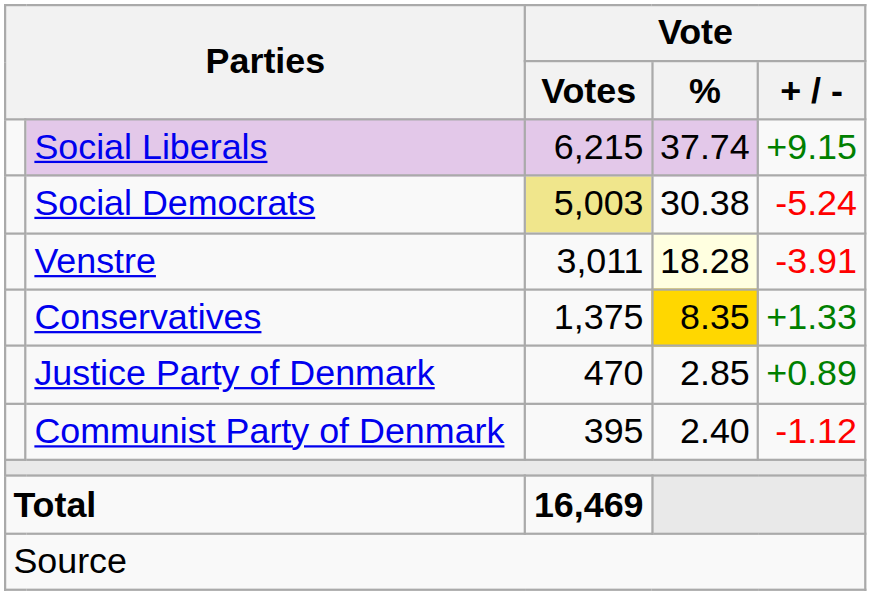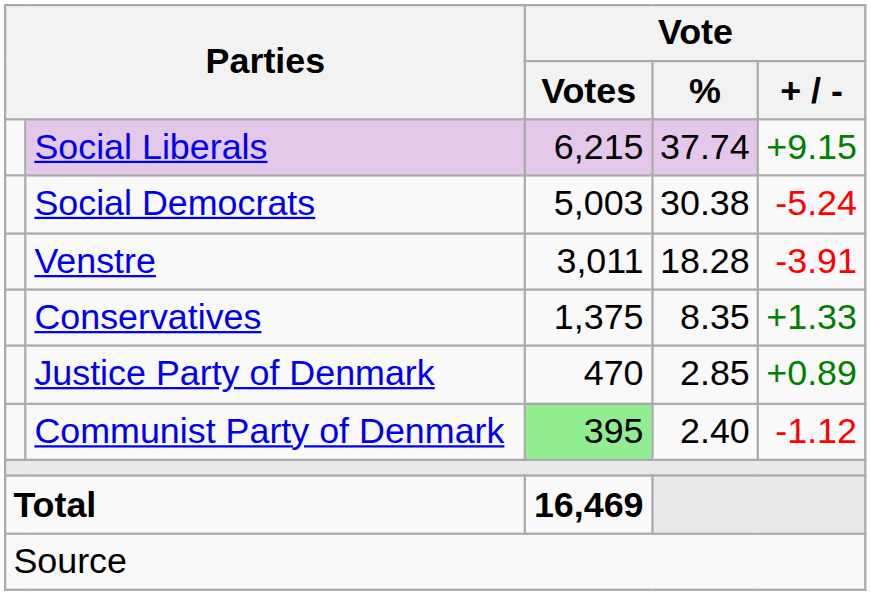 <table class="wikitable" style="text-align:right;">
 <tr>
 <th style="text-align:centre;" rowspan="2" colspan="2" width="225">Parties</th>
 <th colspan="3">Vote</th>
 </tr>
 <tr>
 <th width="15">Votes</th>
 <th width="15">%</th>
 <th width="15">+ / -</th>
 </tr>
 <tr>
 <td width="2" style="color:inherit;background:"></td>
 <td bgcolor=#e3c8e9  align="left"><a href='#'>Social Liberals</a></td>
 <td bgcolor=#e3c8e9>6,215</td>
 <td bgcolor=#e3c8e9>37.74</td>
 <td style=color:green;>+9.15</td>
 </tr>
 <tr>
 <td width="2" style="color:inherit;background:"></td>
 <td align="left"><a href='#'>Social Democrats</a></td>
-<td style="background: khaki;">5,003</td>
+<td>5,003</td>
 <td>30.38</td>
 <td style=color:red;>-5.24</td>
 </tr>
 <tr>
 <td width="2" style="color:inherit;background:"></td>
 <td align="left"><a href='#'>Venstre</a></td>
 <td>3,011</td>
-<td style="background: lightyellow;">18.28</td>
+<td>18.28</td>
 <td style=color:red;>-3.91</td>
 </tr>
 <tr>
 <td width="2" style="color:inherit;background:"></td>
 <td align="left"><a href='#'>Conservatives</a></td>
 <td>1,375</td>
-<td style="background: gold;">8.35</td>
+<td>8.35</td>
 <td style=color:green;>+1.33</td>
 </tr>
 <tr>
 <td width="2" style="color:inherit;background:"></td>
 <td align="left"><a href='#'>Justice Party of Denmark</a></td>
 <td>470</td>
 <td>2.85</td>
 <td style=color:green;>+0.89</td>
 </tr>
 <tr>
 <td width="2" style="color:inherit;background:"></td>
 <td align="left"><a href='#'>Communist Party of Denmark</a></td>
-<td>395</td>
+<td style="background: lightgreen;">395</td>
 <td>2.40</td>
 <td style=color:red;>-1.12</td>
 </tr>
 <tr>
 <td colspan="7" bgcolor="#E9E9E9"></td>
 </tr>
 <tr>
 <td align="left" colspan="2"><strong>Total</strong></td>
 <td><strong>16,469</strong></td>
 <td bgcolor="#E9E9E9" colspan="2"></td>
 </tr>
 <tr>
 <td align="left" colspan="6">Source</td>
 </tr>
 </table>
